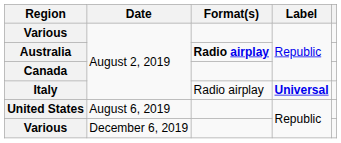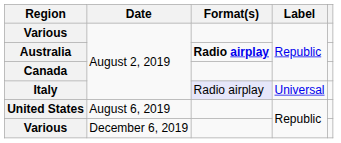 <table class="wikitable plainrowheaders">
 <tr>
 <th scope="col">Region</th>
 <th scope="col">Date</th>
 <th scope="col">Format(s)</th>
 <th scope="col">Label</th>
 <th scope="col"></th>
 </tr>
 <tr>
 <th scope="row">Various</th>
 <td rowspan="4">August 2, 2019</td>
 <td></td>
 <td rowspan="3"><a href='#'>Republic</a></td>
 <td align="center"></td>
 </tr>
 <tr>
 <th scope="row">Australia</th>
 <td><strong>Radio <a href='#'>airplay</a></strong></td>
 <td align="center"></td>
 </tr>
 <tr>
 <th scope="row">Canada</th>
 <td></td>
 <td align="center"></td>
 </tr>
 <tr>
 <th scope="row">Italy</th>
-<td>Radio airplay</td>
-<td><strong><a href='#'>Universal</a></strong></td>
+<td style="background: lavender;">Radio airplay</td>
+<td><a href='#'>Universal</a></td>
 <td align="center"></td>
 </tr>
 <tr>
 <th scope="row">United States</th>
 <td>August 6, 2019</td>
 <td></td>
 <td rowspan="2">Republic</td>
 <td align="center"></td>
 </tr>
 <tr>
 <th scope="row">Various</th>
 <td>December 6, 2019</td>
 <td></td>
 <td align="center"></td>
 </tr>
 </table>
